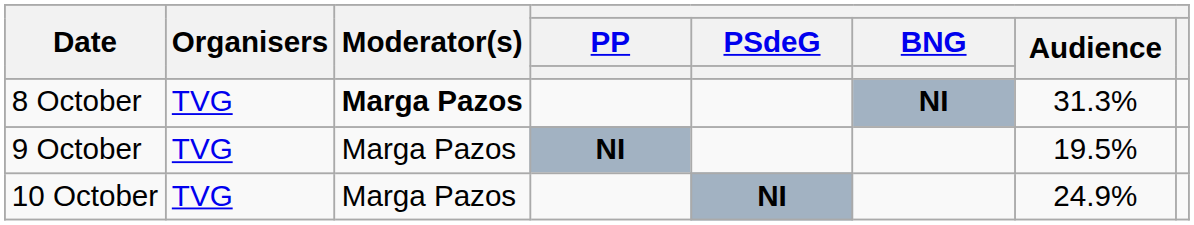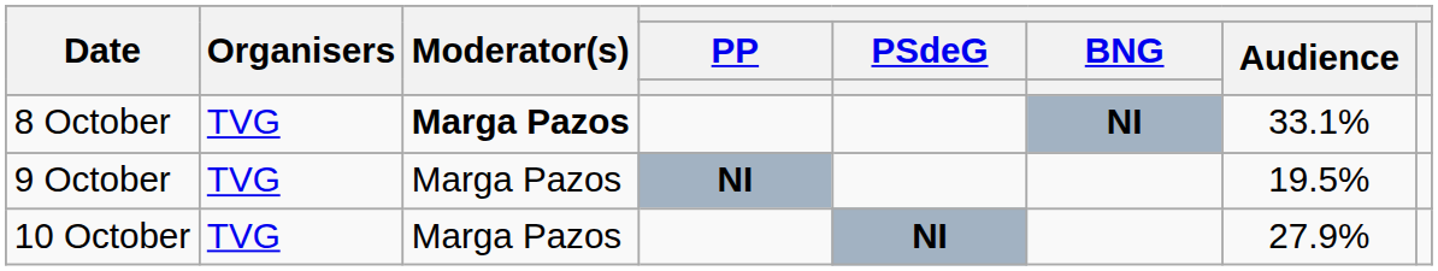 <table class="wikitable" style="text-align:center;">
 <tr>
 <th rowspan="3">Date</th>
 <th rowspan="3">Organisers</th>
 <th rowspan="3">Moderator(s)</th>
 <th colspan="5">    </th>
 </tr>
 <tr>
 <th scope="col" style="width:5em;"><a href='#'>PP</a></th>
 <th scope="col" style="width:5em;"><a href='#'>PSdeG</a></th>
 <th scope="col" style="width:5em;"><a href='#'>BNG</a></th>
 <th rowspan="2" scope="col" style="width:5em;">Audience</th>
 <th rowspan="2"></th>
 </tr>
 <tr>
 <th style="color:inherit;background:"></th>
 <th style="color:inherit;background:"></th>
 <th style="color:inherit;background:"></th>
 </tr>
 <tr>
 <td style="white-space:nowrap; text-align:left;">8 October</td>
 <td style="white-space:nowrap; text-align:left;"><a href='#'>TVG</a></td>
 <td style="white-space:nowrap; text-align:left;"><strong>Marga Pazos</strong></td>
 <td></td>
 <td></td>
 <td style="background:#A2B2C2;"><strong>NI</strong></td>
-<td>31.3%<br></td>
+<td>33.1%<br></td>
 <td><br></td>
 </tr>
 <tr>
 <td style="white-space:nowrap; text-align:left;">9 October</td>
 <td style="white-space:nowrap; text-align:left;"><a href='#'>TVG</a></td>
 <td style="white-space:nowrap; text-align:left;">Marga Pazos</td>
 <td style="background:#A2B2C2;"><strong>NI</strong></td>
 <td></td>
 <td></td>
 <td>19.5%<br></td>
 <td><br></td>
 </tr>
 <tr>
 <td style="white-space:nowrap; text-align:left;">10 October</td>
 <td style="white-space:nowrap; text-align:left;"><a href='#'>TVG</a></td>
 <td style="white-space:nowrap; text-align:left;">Marga Pazos</td>
 <td></td>
 <td style="background:#A2B2C2;"><strong>NI</strong></td>
 <td></td>
-<td>24.9%<br></td>
+<td>27.9%<br></td>
 <td></td>
 </tr>
 </table>
